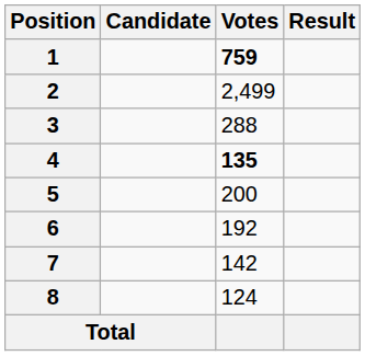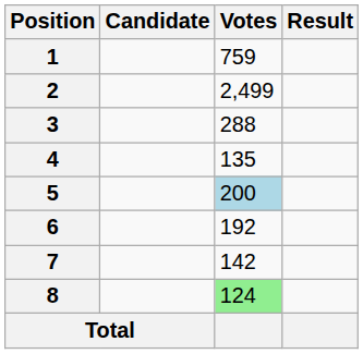 <table class="wikitable sortable col3right">
 <tr>
 <th scope="col">Position</th>
 <th scope="col">Candidate</th>
 <th scope="col">Votes</th>
 <th scope="col">Result</th>
 </tr>
 <tr>
 <th scope="row">1</th>
 <td></td>
-<td><strong>759</strong></td>
+<td>759</td>
 <td></td>
 </tr>
 <tr>
 <th scope="row">2</th>
 <td></td>
 <td>2,499</td>
 <td></td>
 </tr>
 <tr>
 <th scope="row">3</th>
 <td></td>
 <td>288</td>
 <td></td>
 </tr>
 <tr>
 <th scope="row">4</th>
 <td></td>
-<td><strong>135</strong></td>
+<td>135</td>
 <td></td>
 </tr>
 <tr>
 <th scope="row">5</th>
 <td></td>
-<td>200</td>
+<td style="background: lightblue;">200</td>
 <td></td>
 </tr>
 <tr>
 <th scope="row">6</th>
 <td></td>
 <td>192</td>
 <td></td>
 </tr>
 <tr>
 <th scope="row">7</th>
 <td></td>
 <td>142</td>
 <td></td>
 </tr>
 <tr>
 <th scope="row">8</th>
 <td></td>
-<td>124</td>
+<td style="background: lightgreen;">124</td>
 <td></td>
 </tr>
 <tr class="sortbottom">
 <th scope="row" colspan="2">Total</th>
 <th></th>
 <th></th>
 </tr>
 </table>
